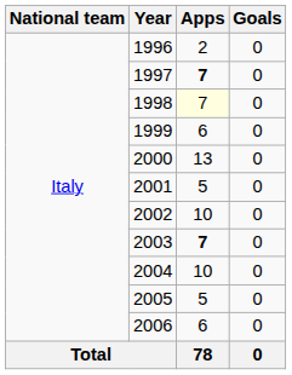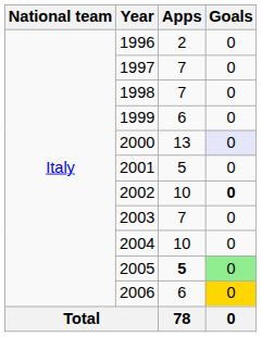 <table class="wikitable" style="text-align:center">
 <tr>
 <th>National team</th>
 <th>Year</th>
 <th>Apps</th>
 <th>Goals</th>
 </tr>
 <tr>
 <td rowspan="11"><a href='#'>Italy</a></td>
 <td>1996</td>
 <td>2</td>
 <td>0</td>
 </tr>
 <tr>
 <td>1997</td>
-<td><strong>7</strong></td>
+<td>7</td>
 <td>0</td>
 </tr>
 <tr>
 <td>1998</td>
-<td style="background: lightyellow;">7</td>
+<td>7</td>
 <td>0</td>
 </tr>
 <tr>
 <td>1999</td>
 <td>6</td>
 <td>0</td>
 </tr>
 <tr>
 <td>2000</td>
 <td>13</td>
-<td>0</td>
+<td style="background: lavender;">0</td>
 </tr>
 <tr>
 <td>2001</td>
 <td>5</td>
 <td>0</td>
 </tr>
 <tr>
 <td>2002</td>
 <td>10</td>
-<td>0</td>
+<td><strong>0</strong></td>
 </tr>
 <tr>
 <td>2003</td>
-<td><strong>7</strong></td>
+<td>7</td>
 <td>0</td>
 </tr>
 <tr>
 <td>2004</td>
 <td>10</td>
 <td>0</td>
 </tr>
 <tr>
 <td>2005</td>
-<td>5</td>
-<td>0</td>
+<td><strong>5</strong></td>
+<td style="background: lightgreen;">0</td>
 </tr>
 <tr>
 <td>2006</td>
 <td>6</td>
-<td>0</td>
+<td style="background: gold;">0</td>
 </tr>
 <tr>
 <th colspan="2">Total</th>
 <th>78</th>
 <th>0</th>
 </tr>
 </table>
